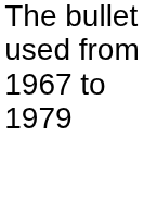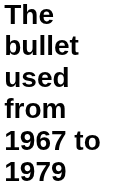 <table width="80">
 <tr>
 <td></td>
 </tr>
 <tr>
-<td><div>The bullet used from 1967 to 1979</div></td>
+<td><strong><div>The bullet used from 1967 to 1979</div></strong></td>
 </tr>
 </table>
